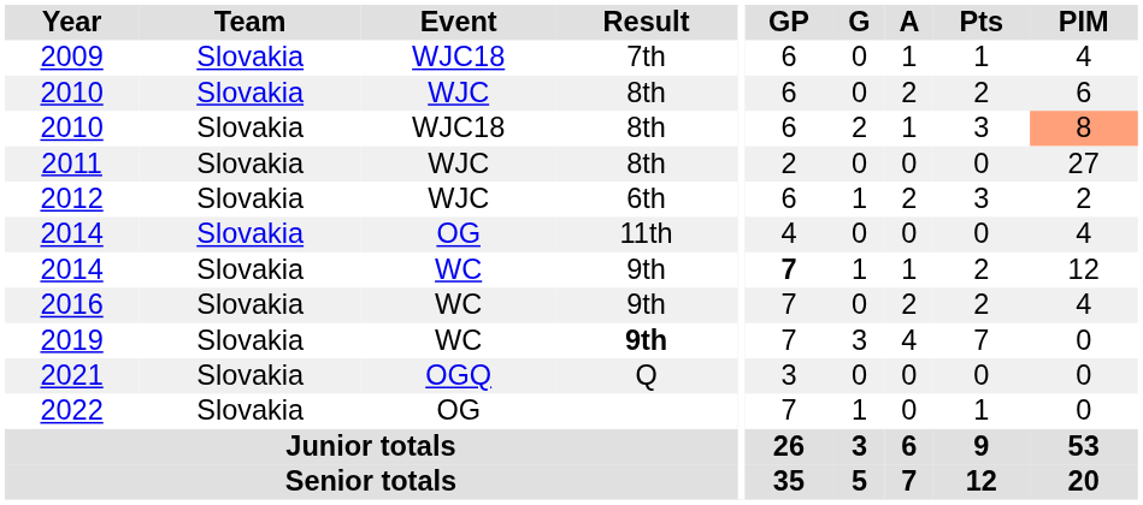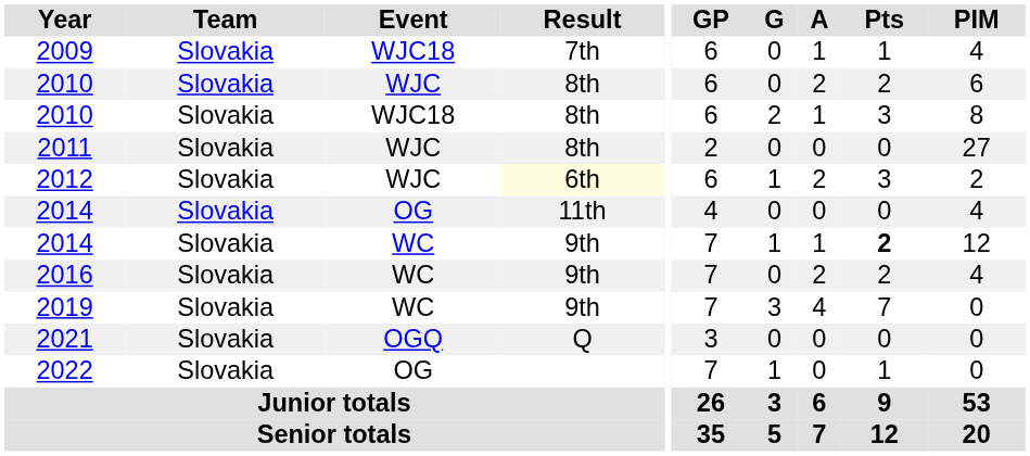 <table border="0" cellpadding="1" cellspacing="0" ID="Table3" style="text-align:center; width:40em">
 <tr ALIGN="center" bgcolor="#e0e0e0">
 <th>Year</th>
 <th>Team</th>
 <th>Event</th>
 <th>Result</th>
 <th rowspan="99" bgcolor="#ffffff"></th>
 <th>GP</th>
 <th>G</th>
 <th>A</th>
 <th>Pts</th>
 <th>PIM</th>
 </tr>
 <tr>
 <td><a href='#'>2009</a></td>
 <td><a href='#'>Slovakia</a></td>
 <td><a href='#'>WJC18</a></td>
 <td>7th</td>
 <td>6</td>
 <td>0</td>
 <td>1</td>
 <td>1</td>
 <td>4</td>
 </tr>
 <tr bgcolor="#f0f0f0">
 <td><a href='#'>2010</a></td>
 <td><a href='#'>Slovakia</a></td>
 <td><a href='#'>WJC</a></td>
 <td>8th</td>
 <td>6</td>
 <td>0</td>
 <td>2</td>
 <td>2</td>
 <td>6</td>
 </tr>
 <tr>
 <td><a href='#'>2010</a></td>
 <td>Slovakia</td>
 <td>WJC18</td>
 <td>8th</td>
 <td>6</td>
 <td>2</td>
 <td>1</td>
 <td>3</td>
-<td style="background: lightsalmon;">8</td>
+<td>8</td>
 </tr>
 <tr bgcolor="#f0f0f0">
 <td><a href='#'>2011</a></td>
 <td>Slovakia</td>
 <td>WJC</td>
 <td>8th</td>
 <td>2</td>
 <td>0</td>
 <td>0</td>
 <td>0</td>
 <td>27</td>
 </tr>
 <tr>
 <td><a href='#'>2012</a></td>
 <td>Slovakia</td>
 <td>WJC</td>
-<td>6th</td>
+<td style="background: lightyellow;">6th</td>
 <td>6</td>
 <td>1</td>
 <td>2</td>
 <td>3</td>
 <td>2</td>
 </tr>
 <tr bgcolor="#f0f0f0">
 <td><a href='#'>2014</a></td>
 <td><a href='#'>Slovakia</a></td>
 <td><a href='#'>OG</a></td>
 <td>11th</td>
 <td>4</td>
 <td>0</td>
 <td>0</td>
 <td>0</td>
 <td>4</td>
 </tr>
 <tr>
 <td><a href='#'>2014</a></td>
 <td>Slovakia</td>
 <td><a href='#'>WC</a></td>
 <td>9th</td>
-<td><strong>7</strong></td>
+<td>7</td>
 <td>1</td>
 <td>1</td>
-<td>2</td>
+<td><strong>2</strong></td>
 <td>12</td>
 </tr>
 <tr bgcolor="#f0f0f0">
 <td><a href='#'>2016</a></td>
 <td>Slovakia</td>
 <td>WC</td>
 <td>9th</td>
 <td>7</td>
 <td>0</td>
 <td>2</td>
 <td>2</td>
 <td>4</td>
 </tr>
 <tr>
 <td><a href='#'>2019</a></td>
 <td>Slovakia</td>
 <td>WC</td>
-<td><strong>9th</strong></td>
+<td>9th</td>
 <td>7</td>
 <td>3</td>
 <td>4</td>
 <td>7</td>
 <td>0</td>
 </tr>
 <tr bgcolor="#f0f0f0">
 <td><a href='#'>2021</a></td>
 <td>Slovakia</td>
 <td><a href='#'>OGQ</a></td>
 <td>Q</td>
 <td>3</td>
 <td>0</td>
 <td>0</td>
 <td>0</td>
 <td>0</td>
 </tr>
 <tr>
 <td><a href='#'>2022</a></td>
 <td>Slovakia</td>
 <td>OG</td>
 <td></td>
 <td>7</td>
 <td>1</td>
 <td>0</td>
 <td>1</td>
 <td>0</td>
 </tr>
 <tr bgcolor="#e0e0e0">
 <th colspan="4">Junior totals</th>
 <th>26</th>
 <th>3</th>
 <th>6</th>
 <th>9</th>
 <th>53</th>
 </tr>
 <tr bgcolor="#e0e0e0">
 <th colspan="4">Senior totals</th>
 <th>35</th>
 <th>5</th>
 <th>7</th>
 <th>12</th>
 <th>20</th>
 </tr>
 </table>
